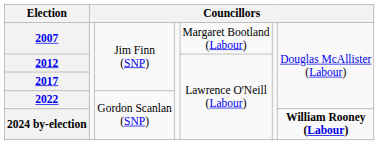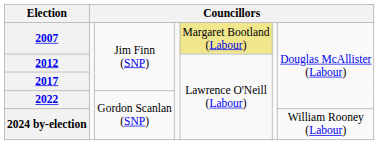 <table class="wikitable" style="text-align:center">
 <tr>
 <th>Election</th>
 <th colspan=8>Councillors</th>
 </tr>
 <tr>
 <th><a href='#'>2007</a></th>
 <td rowspan=5; style="background-color: "></td>
 <td rowspan=3>Jim Finn<br>(<a href='#'>SNP</a>)</td>
 <td rowspan=5; style="background-color: "></td>
-<td rowspan=1>Margaret Bootland<br>(<a href='#'>Labour</a>)</td>
+<td rowspan=1 style="background: khaki;">Margaret Bootland<br>(<a href='#'>Labour</a>)</td>
 <td rowspan=5; style="background-color: "></td>
 <td rowspan=4><a href='#'>Douglas McAllister</a><br>(<a href='#'>Labour</a>)</td>
 </tr>
 <tr>
 <th><a href='#'>2012</a></th>
 <td rowspan=4>Lawrence O'Neill<br>(<a href='#'>Labour</a>)</td>
 </tr>
 <tr>
 <th><a href='#'>2017</a></th>
 </tr>
 <tr>
 <th><a href='#'>2022</a></th>
 <td rowspan=2>Gordon Scanlan<br>(<a href='#'>SNP</a>)</td>
 </tr>
 <tr>
 <th>2024 by-election</th>
-<td rowspan=1><strong>William Rooney	<br>(<a href='#'>Labour</a>)</strong></td>
+<td rowspan=1>William Rooney	<br>(<a href='#'>Labour</a>)</td>
 </tr>
 </table>
